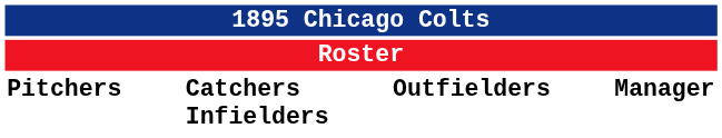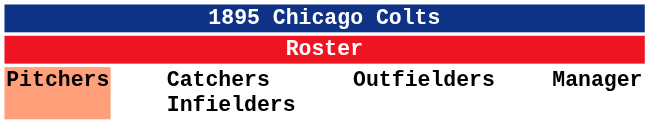 <table class="toccolours" style="font-size: 95%;">
 <tr>
 <th colspan="10" style="background-color: #0e3386; color: white; text-align: center;">1895 Chicago Colts</th>
 </tr>
 <tr>
 <td colspan="10" style="background-color: #EE1422; color: white; text-align: center;"><strong>Roster</strong></td>
 </tr>
 <tr>
-<td valign="top"><strong>Pitchers</strong><br>         </td>
+<td valign="top" style="background: lightsalmon;"><strong>Pitchers</strong><br>         </td>
 <td width="25px"></td>
 <td valign="top"><strong>Catchers</strong><br>   <strong>Infielders</strong>      </td>
 <td width="25px"></td>
 <td valign="top"><strong>Outfielders</strong><br>    </td>
 <td width="25px"></td>
 <td valign="top"><strong>Manager</strong><br></td>
 </tr>
 <tr>
 </tr>
 </table>
